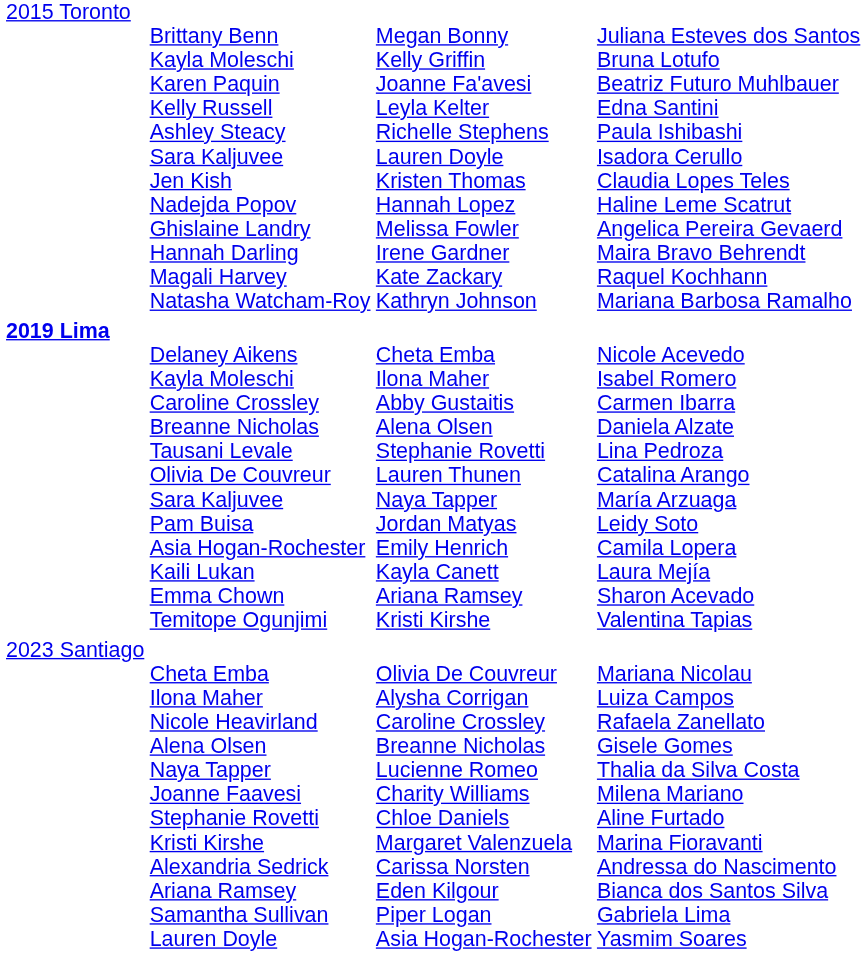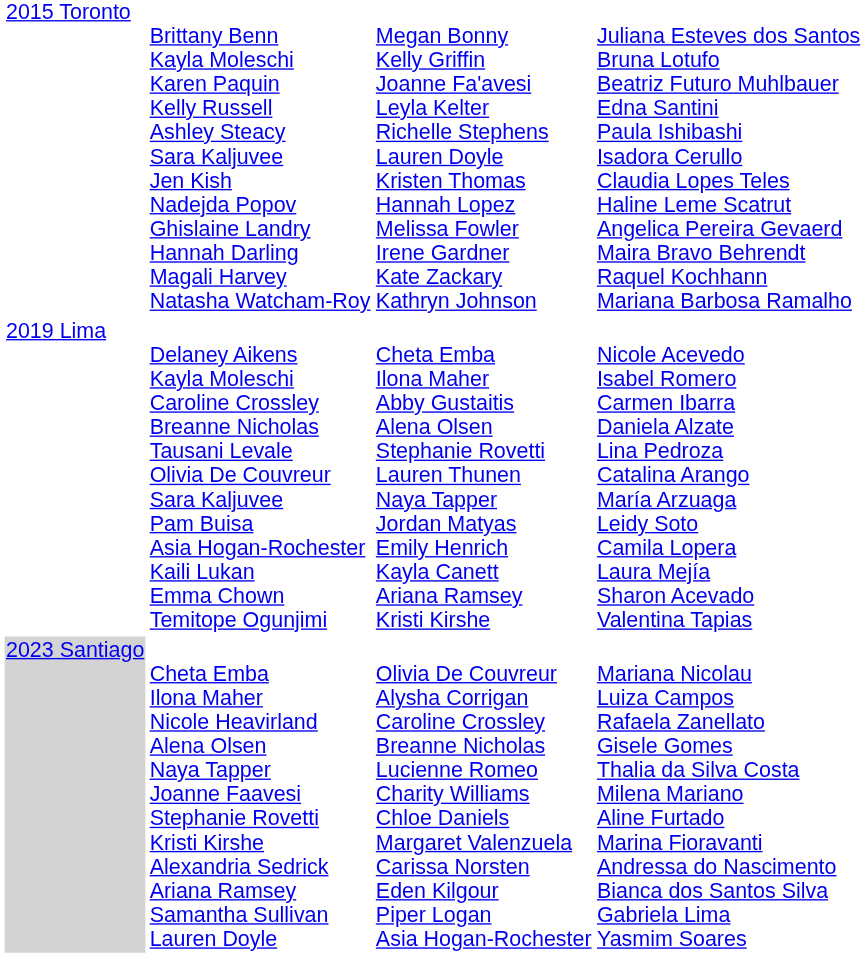 <table>
 <tr valign="top">
 <td><a href='#'>2015 Toronto</a><br></td>
 <td><br><a href='#'>Brittany Benn</a><br><a href='#'>Kayla Moleschi</a><br><a href='#'>Karen Paquin</a><br><a href='#'>Kelly Russell</a><br><a href='#'>Ashley Steacy</a><br><a href='#'>Sara Kaljuvee</a><br><a href='#'>Jen Kish</a><br><a href='#'>Nadejda Popov</a><br><a href='#'>Ghislaine Landry</a><br><a href='#'>Hannah Darling</a><br><a href='#'>Magali Harvey</a><br><a href='#'>Natasha Watcham-Roy</a></td>
 <td><br><a href='#'>Megan Bonny</a><br><a href='#'>Kelly Griffin</a><br><a href='#'>Joanne Fa'avesi</a><br><a href='#'>Leyla Kelter</a><br><a href='#'>Richelle Stephens</a><br><a href='#'>Lauren Doyle</a><br><a href='#'>Kristen Thomas</a><br><a href='#'>Hannah Lopez</a><br><a href='#'>Melissa Fowler</a><br><a href='#'>Irene Gardner</a><br><a href='#'>Kate Zackary</a><br><a href='#'>Kathryn Johnson</a></td>
 <td><br><a href='#'>Juliana Esteves dos Santos</a><br><a href='#'>Bruna Lotufo</a><br><a href='#'>Beatriz Futuro Muhlbauer</a><br><a href='#'>Edna Santini</a><br><a href='#'>Paula Ishibashi</a><br><a href='#'>Isadora Cerullo</a><br><a href='#'>Claudia Lopes Teles</a><br><a href='#'>Haline Leme Scatrut</a><br><a href='#'>Angelica Pereira Gevaerd</a><br><a href='#'>Maira Bravo Behrendt</a><br><a href='#'>Raquel Kochhann</a><br><a href='#'>Mariana Barbosa Ramalho</a></td>
 </tr>
 <tr valign="top">
-<td><strong><a href='#'>2019 Lima</a><br></strong></td>
+<td><a href='#'>2019 Lima</a><br></td>
 <td><br><a href='#'>Delaney Aikens</a><br><a href='#'>Kayla Moleschi</a><br><a href='#'>Caroline Crossley</a><br><a href='#'>Breanne Nicholas</a><br><a href='#'>Tausani Levale</a><br><a href='#'>Olivia De Couvreur</a><br><a href='#'>Sara Kaljuvee</a><br><a href='#'>Pam Buisa</a><br><a href='#'>Asia Hogan-Rochester</a><br><a href='#'>Kaili Lukan</a><br><a href='#'>Emma Chown</a><br><a href='#'>Temitope Ogunjimi</a></td>
 <td><br><a href='#'>Cheta Emba</a><br><a href='#'>Ilona Maher</a><br><a href='#'>Abby Gustaitis</a><br><a href='#'>Alena Olsen</a><br><a href='#'>Stephanie Rovetti</a><br><a href='#'>Lauren Thunen</a><br><a href='#'>Naya Tapper</a><br><a href='#'>Jordan Matyas</a><br><a href='#'>Emily Henrich</a><br><a href='#'>Kayla Canett</a><br><a href='#'>Ariana Ramsey</a><br><a href='#'>Kristi Kirshe</a></td>
 <td><br><a href='#'>Nicole Acevedo</a><br><a href='#'>Isabel Romero</a><br><a href='#'>Carmen Ibarra</a><br><a href='#'>Daniela Alzate</a><br><a href='#'>Lina Pedroza</a><br><a href='#'>Catalina Arango</a><br><a href='#'>María Arzuaga</a><br><a href='#'>Leidy Soto</a><br><a href='#'>Camila Lopera</a><br><a href='#'>Laura Mejía</a><br><a href='#'>Sharon Acevado</a><br><a href='#'>Valentina Tapias</a></td>
 </tr>
 <tr valign="top">
-<td><a href='#'>2023 Santiago</a><br></td>
+<td style="background: lightgrey;"><a href='#'>2023 Santiago</a><br></td>
 <td><br><a href='#'>Cheta Emba</a><br><a href='#'>Ilona Maher</a><br><a href='#'>Nicole Heavirland</a><br><a href='#'>Alena Olsen</a><br><a href='#'>Naya Tapper</a><br><a href='#'>Joanne Faavesi</a><br><a href='#'>Stephanie Rovetti</a><br><a href='#'>Kristi Kirshe</a><br><a href='#'>Alexandria Sedrick</a><br><a href='#'>Ariana Ramsey</a><br><a href='#'>Samantha Sullivan</a><br><a href='#'>Lauren Doyle</a></td>
 <td><br><a href='#'>Olivia De Couvreur</a><br><a href='#'>Alysha Corrigan</a><br><a href='#'>Caroline Crossley</a><br><a href='#'>Breanne Nicholas</a><br><a href='#'>Lucienne Romeo</a><br><a href='#'>Charity Williams</a><br><a href='#'>Chloe Daniels</a><br><a href='#'>Margaret Valenzuela</a><br><a href='#'>Carissa Norsten</a><br><a href='#'>Eden Kilgour</a><br><a href='#'>Piper Logan</a><br><a href='#'>Asia Hogan-Rochester</a></td>
 <td><br><a href='#'>Mariana Nicolau</a><br><a href='#'>Luiza Campos</a><br><a href='#'>Rafaela Zanellato</a><br><a href='#'>Gisele Gomes</a><br><a href='#'>Thalia da Silva Costa</a><br><a href='#'>Milena Mariano</a><br><a href='#'>Aline Furtado</a><br><a href='#'>Marina Fioravanti</a><br><a href='#'>Andressa do Nascimento</a><br><a href='#'>Bianca dos Santos Silva</a><br><a href='#'>Gabriela Lima</a><br><a href='#'>Yasmim Soares</a></td>
 </tr>
 </table>
